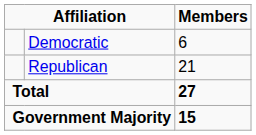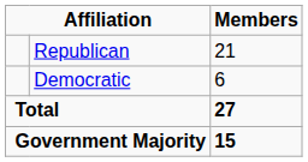 <table class="wikitable">
 <tr>
 <td colspan="2" rowspan="1" align="center" valign="top"><strong>Affiliation</strong></td>
 <td style="vertical-align:top;"><strong>Members</strong></td>
 </tr>
 <tr>
 <td style="background-color:"> </td>
-<td><a href='#'>Democratic</a></td>
-<td>6</td>
+<td><a href='#'>Republican</a></td>
+<td>21</td>
 </tr>
 <tr>
 <td style="background-color:"> </td>
-<td><a href='#'>Republican</a></td>
-<td>21</td>
+<td><a href='#'>Democratic</a></td>
+<td>6</td>
 </tr>
 <tr>
 <td colspan="2" rowspan="1"> <strong>Total</strong></td>
 <td><strong>27</strong></td>
 </tr>
 <tr>
 <td colspan="2" rowspan="1"> <strong>Government Majority</strong></td>
 <td><strong>15</strong></td>
 </tr>
 </table>
